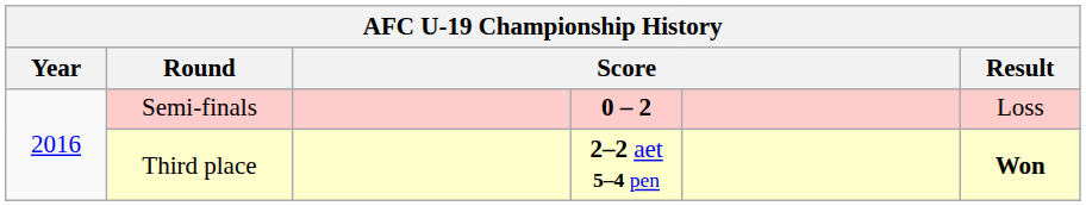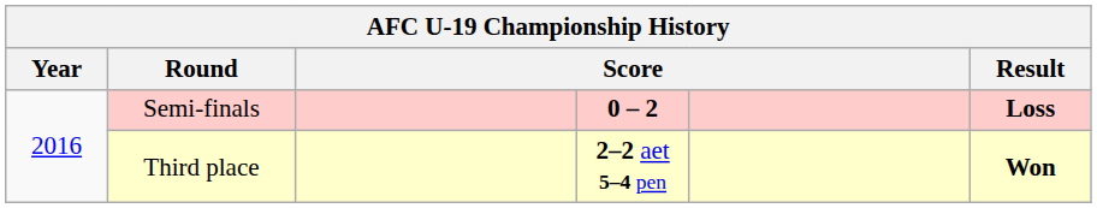 <table class="wikitable collapsible collapsed" style="text-align:center; font-size:90%; width:70%;">
 <tr>
 <th colspan=8>AFC U-19 Championship History</th>
 </tr>
 <tr>
 <th width=5%>Year</th>
 <th width=10%>Round</th>
 <th width=20% colspan=3>Score</th>
 <th width=5%>Result</th>
 </tr>
 <tr>
 <td rowspan=2><a href='#'>2016</a></td>
 <td style="background-color:#FFCCCC;">Semi-finals</td>
 <td align="right" width="15%" style="background-color:#FFCCCC;"></td>
 <td width=6% style="background-color:#FFCCCC;"><strong>0 – 2</strong></td>
 <td align="left" width="15%" style="background-color:#FFCCCC;"></td>
-<td style="background-color:#FFCCCC;">Loss</td>
+<td style="background-color:#FFCCCC;"><strong>Loss</strong></td>
 </tr>
 <tr style="background-color:#FFFFCC;">
 <td>Third place</td>
 <td align="right"></td>
 <td><strong>2–2</strong> <a href='#'>aet</a> <small> <strong>5–4</strong> <a href='#'>pen</a> </small></td>
 <td align="left"></td>
 <td><strong>Won</strong></td>
 </tr>
 </table>
